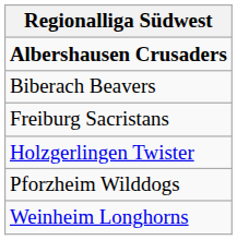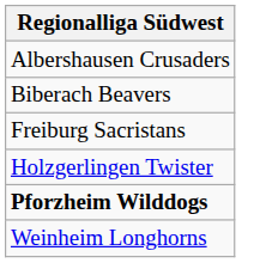 <table class="wikitable">
 <tr>
 <th>Regionalliga Südwest</th>
 </tr>
 <tr>
-<td><strong>Albershausen Crusaders</strong></td>
+<td>Albershausen Crusaders</td>
 </tr>
 <tr>
 <td>Biberach Beavers</td>
 </tr>
 <tr>
 <td>Freiburg Sacristans</td>
 </tr>
 <tr>
 <td><a href='#'>Holzgerlingen Twister</a></td>
 </tr>
 <tr>
-<td>Pforzheim Wilddogs</td>
+<td><strong>Pforzheim Wilddogs</strong></td>
 </tr>
 <tr>
 <td><a href='#'>Weinheim Longhorns</a></td>
 </tr>
 </table>
